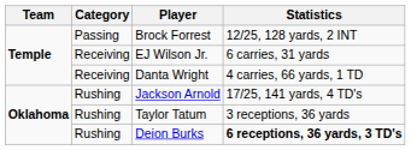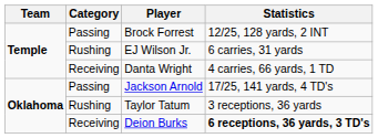 <table class="wikitable" style="float: right;">
 <tr>
 <th>Team</th>
 <th>Category</th>
 <th>Player</th>
 <th>Statistics</th>
 </tr>
 <tr>
 <td rowspan=3><strong>Temple</strong></td>
 <td>Passing</td>
 <td>Brock Forrest</td>
 <td>12/25, 128 yards, 2 INT</td>
 </tr>
 <tr>
-<td>Receiving</td>
+<td>Rushing</td>
 <td>EJ Wilson Jr.</td>
 <td>6 carries, 31 yards</td>
 </tr>
 <tr>
 <td>Receiving</td>
 <td>Danta Wright</td>
 <td>4 carries, 66 yards, 1 TD</td>
 </tr>
 <tr>
 <td rowspan=3><strong>Oklahoma</strong></td>
-<td>Rushing</td>
+<td>Passing</td>
 <td><a href='#'>Jackson Arnold</a></td>
 <td>17/25, 141 yards, 4 TD's</td>
 </tr>
 <tr>
 <td>Rushing</td>
 <td>Taylor Tatum</td>
 <td>3 receptions, 36 yards</td>
 </tr>
 <tr>
-<td>Rushing</td>
+<td>Receiving</td>
 <td><a href='#'>Deion Burks</a></td>
 <td><strong>6 receptions, 36 yards, 3 TD's</strong></td>
 </tr>
 </table>
